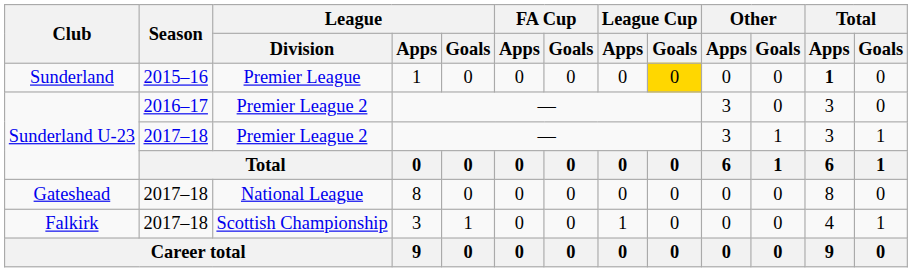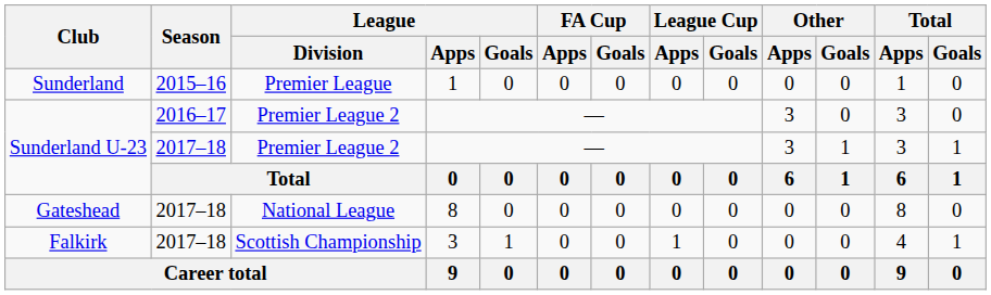 <table class="wikitable" style="text-align: center;">
 <tr>
 <th rowspan=2>Club</th>
 <th rowspan=2>Season</th>
 <th colspan=3>League</th>
 <th colspan=2>FA Cup</th>
 <th colspan=2>League Cup</th>
 <th colspan=2>Other</th>
 <th colspan=2>Total</th>
 </tr>
 <tr>
 <th>Division</th>
 <th>Apps</th>
 <th>Goals</th>
 <th>Apps</th>
 <th>Goals</th>
 <th>Apps</th>
 <th>Goals</th>
 <th>Apps</th>
 <th>Goals</th>
 <th>Apps</th>
 <th>Goals</th>
 </tr>
 <tr>
 <td><a href='#'>Sunderland</a></td>
 <td><a href='#'>2015–16</a></td>
 <td><a href='#'>Premier League</a></td>
 <td>1</td>
 <td>0</td>
 <td>0</td>
 <td>0</td>
 <td>0</td>
-<td style="background: gold;">0</td>
 <td>0</td>
 <td>0</td>
-<td><strong>1</strong></td>
+<td>0</td>
+<td>1</td>
 <td>0</td>
 </tr>
 <tr>
 <td rowspan=3><a href='#'>Sunderland U-23</a></td>
 <td><a href='#'>2016–17</a></td>
 <td><a href='#'>Premier League 2</a></td>
 <td colspan=6>—</td>
 <td>3</td>
 <td>0</td>
 <td>3</td>
 <td>0</td>
 </tr>
 <tr>
 <td><a href='#'>2017–18</a></td>
 <td><a href='#'>Premier League 2</a></td>
 <td colspan=6>—</td>
 <td>3</td>
 <td>1</td>
 <td>3</td>
 <td>1</td>
 </tr>
 <tr>
 <th colspan=2>Total</th>
 <th>0</th>
 <th>0</th>
 <th>0</th>
 <th>0</th>
 <th>0</th>
 <th>0</th>
 <th>6</th>
 <th>1</th>
 <th>6</th>
 <th>1</th>
 </tr>
 <tr>
 <td><a href='#'>Gateshead</a></td>
 <td>2017–18</td>
 <td><a href='#'>National League</a></td>
 <td>8</td>
 <td>0</td>
 <td>0</td>
 <td>0</td>
 <td>0</td>
 <td>0</td>
 <td>0</td>
 <td>0</td>
 <td>8</td>
 <td>0</td>
 </tr>
 <tr>
 <td><a href='#'>Falkirk</a></td>
 <td>2017–18</td>
 <td><a href='#'>Scottish Championship</a></td>
 <td>3</td>
 <td>1</td>
 <td>0</td>
 <td>0</td>
 <td>1</td>
 <td>0</td>
 <td>0</td>
 <td>0</td>
 <td>4</td>
 <td>1</td>
 </tr>
 <tr>
 <th colspan=3>Career total</th>
 <th>9</th>
 <th>0</th>
 <th>0</th>
 <th>0</th>
 <th>0</th>
 <th>0</th>
 <th>0</th>
 <th>0</th>
 <th>9</th>
 <th>0</th>
 </tr>
 </table>
